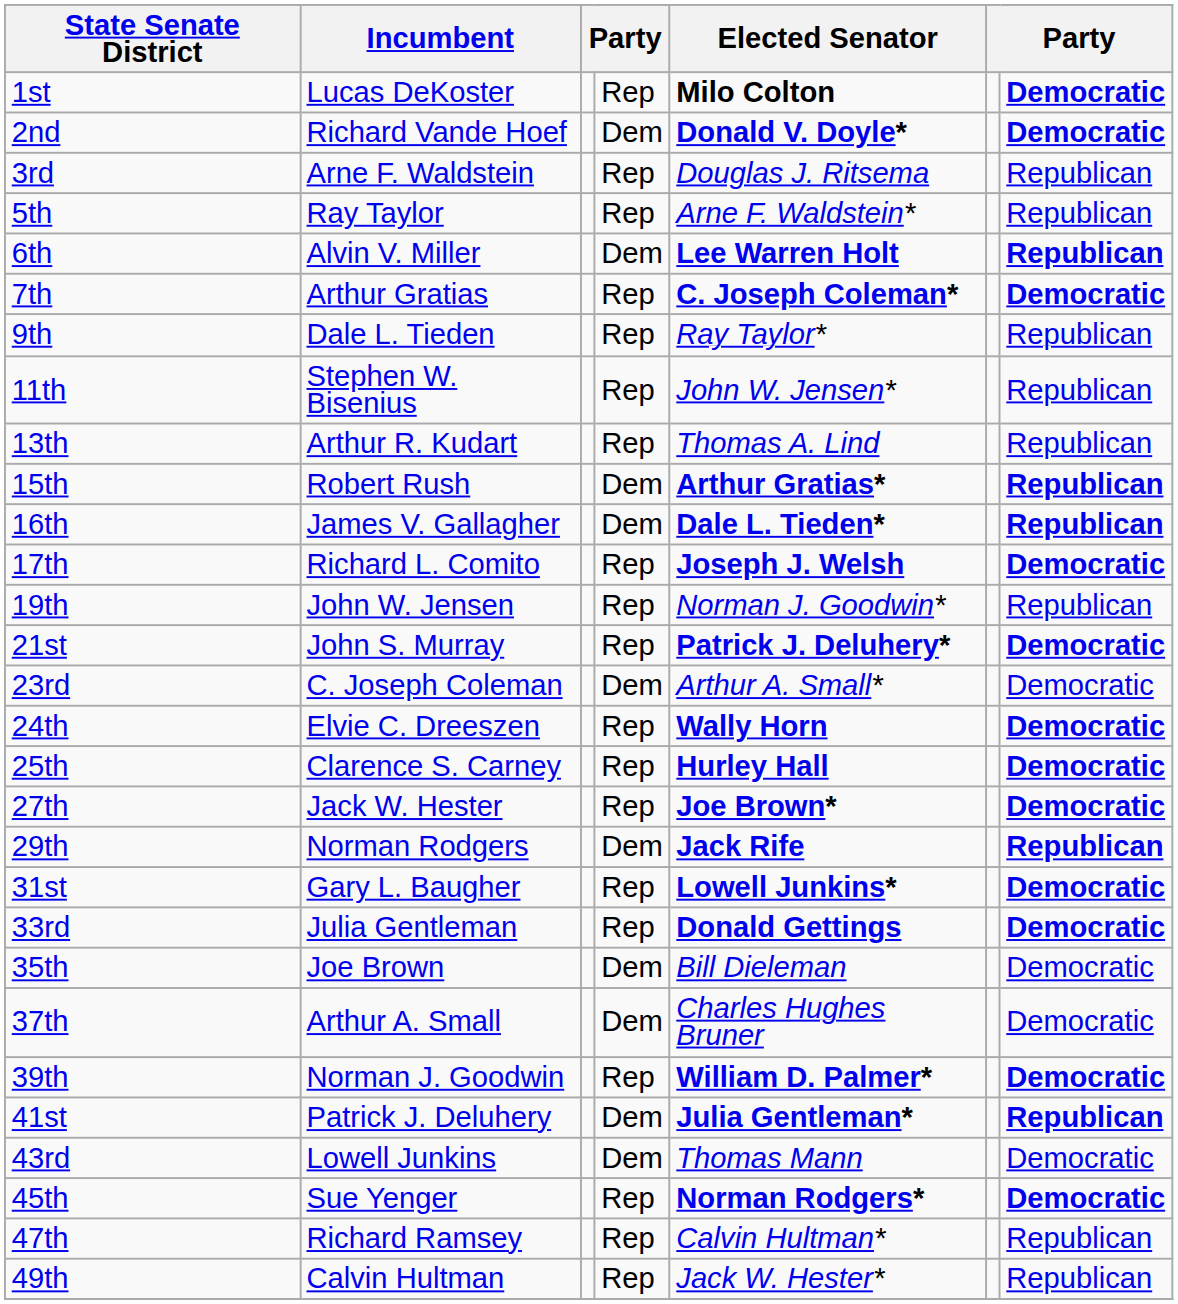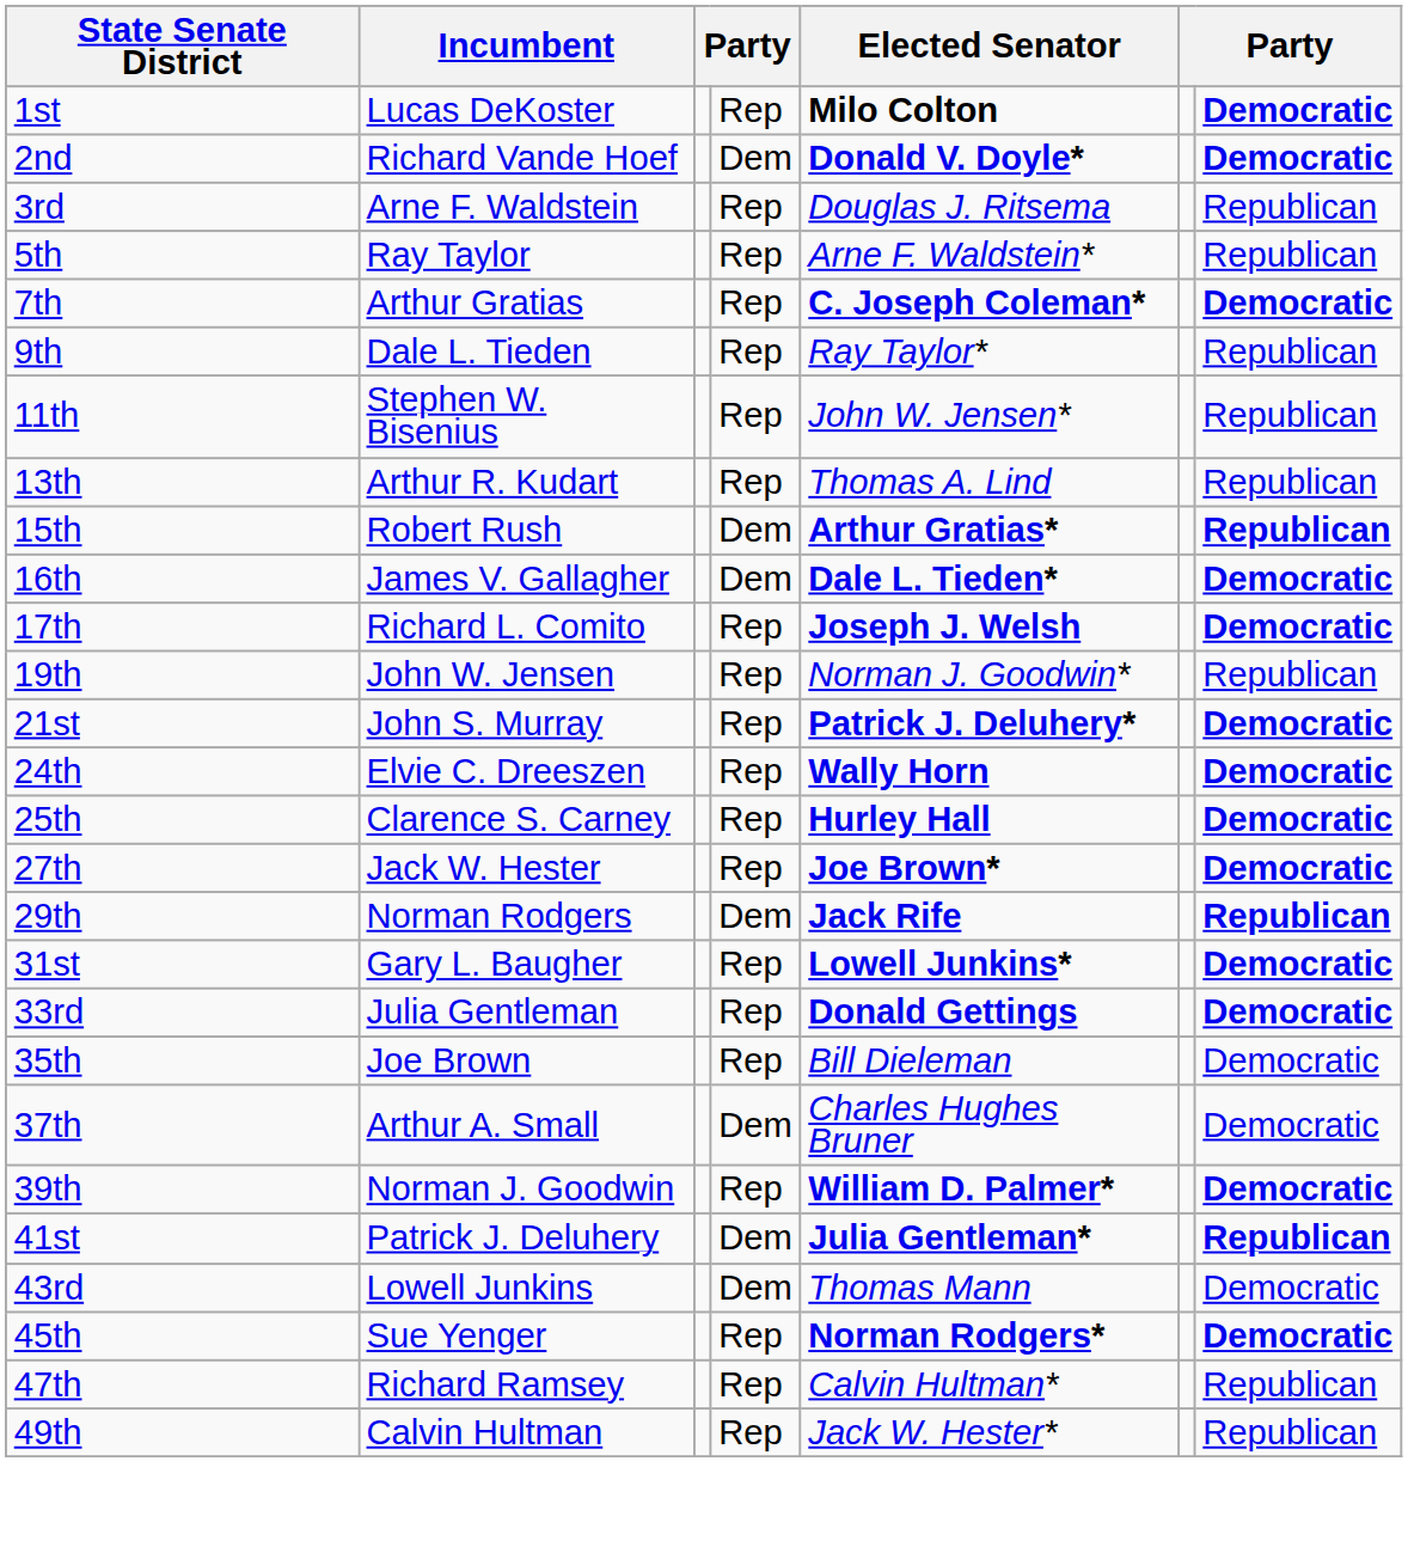 <table class="sortable wikitable" style="font-size:95%;line-height:14px;">
 <tr>
 <th class="unsortable"><a href='#'>State Senate</a> District</th>
 <th class="unsortable"><a href='#'>Incumbent</a></th>
 <th colspan="2">Party</th>
 <th class="unsortable">Elected Senator</th>
 <th colspan="2">Party</th>
 </tr>
 <tr>
 <td><a href='#'>1st</a></td>
 <td><a href='#'>Lucas DeKoster</a></td>
 <td style="background:"></td>
 <td>Rep</td>
 <td><strong>Milo Colton</strong></td>
 <td style="background:"></td>
 <td><strong><a href='#'>Democratic</a></strong></td>
 </tr>
 <tr>
 <td><a href='#'>2nd</a></td>
 <td><a href='#'>Richard Vande Hoef</a></td>
 <td style="background:"></td>
 <td>Dem</td>
 <td><strong><a href='#'>Donald V. Doyle</a>*</strong></td>
 <td style="background:"></td>
 <td><strong><a href='#'>Democratic</a></strong></td>
 </tr>
 <tr>
 <td><a href='#'>3rd</a></td>
 <td><a href='#'>Arne F. Waldstein</a></td>
 <td style="background:"></td>
 <td>Rep</td>
 <td><em><a href='#'>Douglas J. Ritsema</a></em></td>
 <td style="background:"></td>
 <td><a href='#'>Republican</a></td>
 </tr>
 <tr>
 <td><a href='#'>5th</a></td>
 <td><a href='#'>Ray Taylor</a></td>
 <td style="background:"></td>
 <td>Rep</td>
 <td><em><a href='#'>Arne F. Waldstein</a>*</em></td>
 <td style="background:"></td>
 <td><a href='#'>Republican</a></td>
-</tr>
-<tr>
-<td><a href='#'>6th</a></td>
-<td><a href='#'>Alvin V. Miller</a></td>
-<td style="background:"></td>
-<td>Dem</td>
-<td><strong><a href='#'>Lee Warren Holt</a></strong></td>
-<td style="background:"></td>
-<td><strong><a href='#'>Republican</a></strong></td>
 </tr>
 <tr>
 <td><a href='#'>7th</a></td>
 <td><a href='#'>Arthur Gratias</a></td>
 <td style="background:"></td>
 <td>Rep</td>
 <td><strong><a href='#'>C. Joseph Coleman</a>*</strong></td>
 <td style="background:"></td>
 <td><strong><a href='#'>Democratic</a></strong></td>
 </tr>
 <tr>
 <td><a href='#'>9th</a></td>
 <td><a href='#'>Dale L. Tieden</a></td>
 <td style="background:"></td>
 <td>Rep</td>
 <td><em><a href='#'>Ray Taylor</a>*</em></td>
 <td style="background:"></td>
 <td><a href='#'>Republican</a></td>
 </tr>
 <tr>
 <td><a href='#'>11th</a></td>
 <td><a href='#'>Stephen W. Bisenius</a></td>
 <td style="background:"></td>
 <td>Rep</td>
 <td><em><a href='#'>John W. Jensen</a>*</em></td>
 <td style="background:"></td>
 <td><a href='#'>Republican</a></td>
 </tr>
 <tr>
 <td><a href='#'>13th</a></td>
 <td><a href='#'>Arthur R. Kudart</a></td>
 <td style="background:"></td>
 <td>Rep</td>
 <td><em><a href='#'>Thomas A. Lind</a></em></td>
 <td style="background:"></td>
 <td><a href='#'>Republican</a></td>
 </tr>
 <tr>
 <td><a href='#'>15th</a></td>
 <td><a href='#'>Robert Rush</a></td>
 <td style="background:"></td>
 <td>Dem</td>
 <td><strong><a href='#'>Arthur Gratias</a>*</strong></td>
 <td style="background:"></td>
 <td><strong><a href='#'>Republican</a></strong></td>
 </tr>
 <tr>
 <td><a href='#'>16th</a></td>
 <td><a href='#'>James V. Gallagher</a></td>
 <td style="background:"></td>
 <td>Dem</td>
 <td><strong><a href='#'>Dale L. Tieden</a>*</strong></td>
 <td style="background:"></td>
-<td><strong><a href='#'>Republican</a></strong></td>
+<td><strong><a href='#'>Democratic</a></strong></td>
 </tr>
 <tr>
 <td><a href='#'>17th</a></td>
 <td><a href='#'>Richard L. Comito</a></td>
 <td style="background:"></td>
 <td>Rep</td>
 <td><strong><a href='#'>Joseph J. Welsh</a></strong></td>
 <td style="background:"></td>
 <td><strong><a href='#'>Democratic</a></strong></td>
 </tr>
 <tr>
 <td><a href='#'>19th</a></td>
 <td><a href='#'>John W. Jensen</a></td>
 <td style="background:"></td>
 <td>Rep</td>
 <td><em><a href='#'>Norman J. Goodwin</a>*</em></td>
 <td style="background:"></td>
 <td><a href='#'>Republican</a></td>
 </tr>
 <tr>
 <td><a href='#'>21st</a></td>
 <td><a href='#'>John S. Murray</a></td>
 <td style="background:"></td>
 <td>Rep</td>
 <td><strong><a href='#'>Patrick J. Deluhery</a>*</strong></td>
 <td style="background:"></td>
 <td><strong><a href='#'>Democratic</a></strong></td>
-</tr>
-<tr>
-<td><a href='#'>23rd</a></td>
-<td><a href='#'>C. Joseph Coleman</a></td>
-<td style="background:"></td>
-<td>Dem</td>
-<td><em><a href='#'>Arthur A. Small</a>*</em></td>
-<td style="background:"></td>
-<td><a href='#'>Democratic</a></td>
 </tr>
 <tr>
 <td><a href='#'>24th</a></td>
 <td><a href='#'>Elvie C. Dreeszen</a></td>
 <td style="background:"></td>
 <td>Rep</td>
 <td><strong><a href='#'>Wally Horn</a></strong></td>
 <td style="background:"></td>
 <td><strong><a href='#'>Democratic</a></strong></td>
 </tr>
 <tr>
 <td><a href='#'>25th</a></td>
 <td><a href='#'>Clarence S. Carney</a></td>
 <td style="background:"></td>
 <td>Rep</td>
 <td><strong><a href='#'>Hurley Hall</a></strong></td>
 <td style="background:"></td>
 <td><strong><a href='#'>Democratic</a></strong></td>
 </tr>
 <tr>
 <td><a href='#'>27th</a></td>
 <td><a href='#'>Jack W. Hester</a></td>
 <td style="background:"></td>
 <td>Rep</td>
 <td><strong><a href='#'>Joe Brown</a>*</strong></td>
 <td style="background:"></td>
 <td><strong><a href='#'>Democratic</a></strong></td>
 </tr>
 <tr>
 <td><a href='#'>29th</a></td>
 <td><a href='#'>Norman Rodgers</a></td>
 <td style="background:"></td>
 <td>Dem</td>
 <td><strong><a href='#'>Jack Rife</a></strong></td>
 <td style="background:"></td>
 <td><strong><a href='#'>Republican</a></strong></td>
 </tr>
 <tr>
 <td><a href='#'>31st</a></td>
 <td><a href='#'>Gary L. Baugher</a></td>
 <td style="background:"></td>
 <td>Rep</td>
 <td><strong><a href='#'>Lowell Junkins</a>*</strong></td>
 <td style="background:"></td>
 <td><strong><a href='#'>Democratic</a></strong></td>
 </tr>
 <tr>
 <td><a href='#'>33rd</a></td>
 <td><a href='#'>Julia Gentleman</a></td>
 <td style="background:"></td>
 <td>Rep</td>
 <td><strong><a href='#'>Donald Gettings</a></strong></td>
 <td style="background:"></td>
 <td><strong><a href='#'>Democratic</a></strong></td>
 </tr>
 <tr>
 <td><a href='#'>35th</a></td>
 <td><a href='#'>Joe Brown</a></td>
 <td style="background:"></td>
-<td>Dem</td>
+<td>Rep</td>
 <td><em><a href='#'>Bill Dieleman</a></em></td>
 <td style="background:"></td>
 <td><a href='#'>Democratic</a></td>
 </tr>
 <tr>
 <td><a href='#'>37th</a></td>
 <td><a href='#'>Arthur A. Small</a></td>
 <td style="background:"></td>
 <td>Dem</td>
 <td><em><a href='#'>Charles Hughes Bruner</a></em></td>
 <td style="background:"></td>
 <td><a href='#'>Democratic</a></td>
 </tr>
 <tr>
 <td><a href='#'>39th</a></td>
 <td><a href='#'>Norman J. Goodwin</a></td>
 <td style="background:"></td>
 <td>Rep</td>
 <td><strong><a href='#'>William D. Palmer</a>*</strong></td>
 <td style="background:"></td>
 <td><strong><a href='#'>Democratic</a></strong></td>
 </tr>
 <tr>
 <td><a href='#'>41st</a></td>
 <td><a href='#'>Patrick J. Deluhery</a></td>
 <td style="background:"></td>
 <td>Dem</td>
 <td><strong><a href='#'>Julia Gentleman</a>*</strong></td>
 <td style="background:"></td>
 <td><strong><a href='#'>Republican</a></strong></td>
 </tr>
 <tr>
 <td><a href='#'>43rd</a></td>
 <td><a href='#'>Lowell Junkins</a></td>
 <td style="background:"></td>
 <td>Dem</td>
 <td><em><a href='#'>Thomas Mann</a></em></td>
 <td style="background:"></td>
 <td><a href='#'>Democratic</a></td>
 </tr>
 <tr>
 <td><a href='#'>45th</a></td>
 <td><a href='#'>Sue Yenger</a></td>
 <td style="background:"></td>
 <td>Rep</td>
 <td><strong><a href='#'>Norman Rodgers</a>*</strong></td>
 <td style="background:"></td>
 <td><strong><a href='#'>Democratic</a></strong></td>
 </tr>
 <tr>
 <td><a href='#'>47th</a></td>
 <td><a href='#'>Richard Ramsey</a></td>
 <td style="background:"></td>
 <td>Rep</td>
 <td><em><a href='#'>Calvin Hultman</a>*</em></td>
 <td style="background:"></td>
 <td><a href='#'>Republican</a></td>
 </tr>
 <tr>
 <td><a href='#'>49th</a></td>
 <td><a href='#'>Calvin Hultman</a></td>
 <td style="background:"></td>
 <td>Rep</td>
 <td><em><a href='#'>Jack W. Hester</a>*</em></td>
 <td style="background:"></td>
 <td><a href='#'>Republican</a></td>
 </tr>
 <tr>
 </tr>
 </table>
